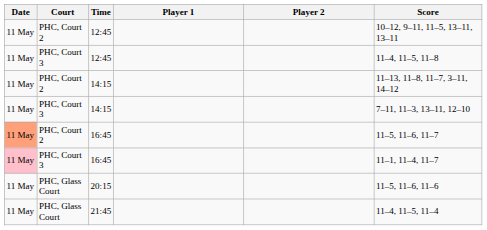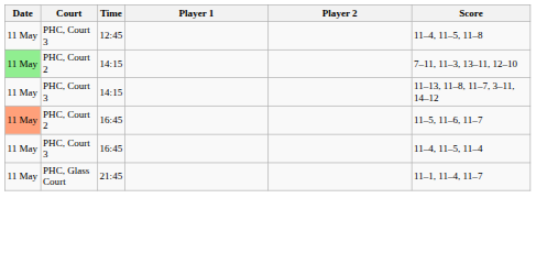 <table class="sortable wikitable" style="font-size:90%">
 <tr>
 <th width="45" class="unsortable">Date</th>
 <th width="75">Court</th>
 <th width="30">Time</th>
 <th width="200">Player 1</th>
 <th width="200">Player 2</th>
 <th width="165" class="unsortable">Score</th>
 </tr>
 <tr>
 <td>11 May</td>
-<td>PHC, Court 2</td>
-<td>12:45</td>
-<td><strong></strong></td>
-<td></td>
-<td>10–12, 9–11, 11–5, 13–11, 13–11</td>
-</tr>
-<tr>
-<td>11 May</td>
 <td>PHC, Court 3</td>
 <td>12:45</td>
 <td></td>
 <td><strong></strong></td>
 <td>11–4, 11–5, 11–8</td>
 </tr>
 <tr>
-<td>11 May</td>
+<td style="background: lightgreen;">11 May</td>
 <td>PHC, Court 2</td>
 <td>14:15</td>
 <td><strong></strong></td>
 <td></td>
-<td>11–13, 11–8, 11–7, 3–11, 14–12</td>
+<td>7–11, 11–3, 13–11, 12–10</td>
 </tr>
 <tr>
 <td>11 May</td>
 <td>PHC, Court 3</td>
 <td>14:15</td>
 <td><strong></strong></td>
 <td></td>
-<td>7–11, 11–3, 13–11, 12–10</td>
+<td>11–13, 11–8, 11–7, 3–11, 14–12</td>
 </tr>
 <tr>
 <td style="background: lightsalmon;">11 May</td>
 <td>PHC, Court 2</td>
 <td>16:45</td>
 <td><strong></strong></td>
 <td></td>
 <td>11–5, 11–6, 11–7</td>
 </tr>
 <tr>
-<td style="background: pink;">11 May</td>
+<td>11 May</td>
 <td>PHC, Court 3</td>
 <td>16:45</td>
 <td></td>
 <td><strong></strong></td>
-<td>11–1, 11–4, 11–7</td>
-</tr>
-<tr>
-<td>11 May</td>
-<td>PHC, Glass Court</td>
-<td>20:15</td>
-<td><strong></strong></td>
-<td></td>
-<td>11–5, 11–6, 11–6</td>
+<td>11–4, 11–5, 11–4</td>
 </tr>
 <tr>
 <td>11 May</td>
 <td>PHC, Glass Court</td>
 <td>21:45</td>
 <td></td>
 <td><strong></strong></td>
-<td>11–4, 11–5, 11–4</td>
+<td>11–1, 11–4, 11–7</td>
 </tr>
 </table>
